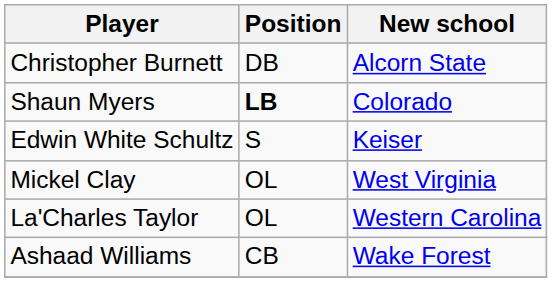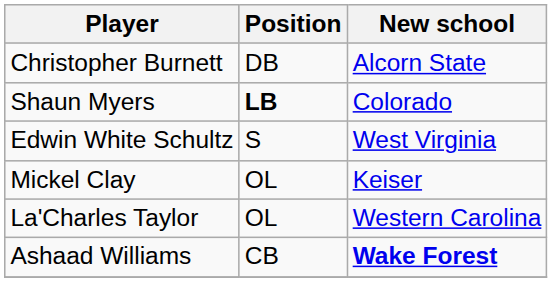 <table class="wikitable sortable">
 <tr>
 <th style="text-align:center;">Player</th>
 <th style="text-align:center;">Position</th>
 <th style="text-align:center;">New school</th>
 </tr>
 <tr>
 <td>Christopher Burnett</td>
 <td>DB</td>
 <td><a href='#'>Alcorn State</a></td>
 </tr>
 <tr>
 <td>Shaun Myers</td>
 <td><strong>LB</strong></td>
 <td><a href='#'>Colorado</a></td>
 </tr>
 <tr>
 <td>Edwin White Schultz</td>
 <td>S</td>
-<td><a href='#'>Keiser</a></td>
+<td><a href='#'>West Virginia</a></td>
 </tr>
 <tr>
 <td>Mickel Clay</td>
 <td>OL</td>
-<td><a href='#'>West Virginia</a></td>
+<td><a href='#'>Keiser</a></td>
 </tr>
 <tr>
 <td>La'Charles Taylor</td>
 <td>OL</td>
 <td><a href='#'>Western Carolina</a></td>
 </tr>
 <tr>
 <td>Ashaad Williams</td>
 <td>CB</td>
-<td><a href='#'>Wake Forest</a></td>
+<td><strong><a href='#'>Wake Forest</a></strong></td>
 </tr>
 <tr>
 </tr>
 </table>
